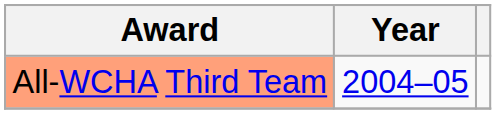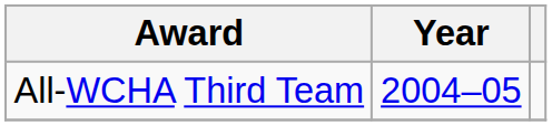 <table class="wikitable">
 <tr>
 <th>Award</th>
 <th>Year</th>
 <th></th>
 </tr>
 <tr>
-<td style="background: lightsalmon;">All-<a href='#'>WCHA</a> <a href='#'>Third Team</a></td>
+<td>All-<a href='#'>WCHA</a> <a href='#'>Third Team</a></td>
 <td><a href='#'>2004–05</a></td>
 <td></td>
 </tr>
 <tr>
 </tr>
 </table>
